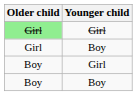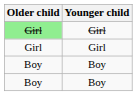 <table class="wikitable" style="text-align:center">
 <tr>
 <th>Older child</th>
 <th>Younger child</th>
 </tr>
 <tr>
 <td style="background: lightgreen;"><s>Girl</s></td>
 <td><s>Girl</s></td>
 </tr>
 <tr>
 <td>Girl</td>
-<td>Boy</td>
-</tr>
-<tr>
-<td>Boy</td>
 <td>Girl</td>
 </tr>
 <tr>
 <td>Boy</td>
 <td>Boy</td>
 </tr>
+<tr>
+<td>Boy</td>
+<td>Boy</td>
+</tr>
 </table>
